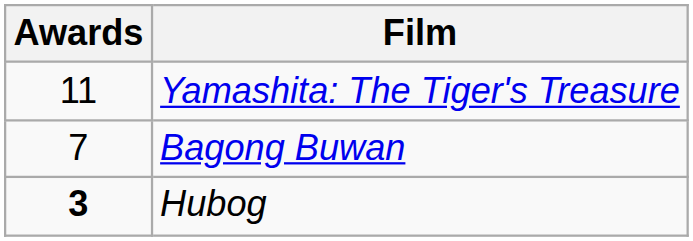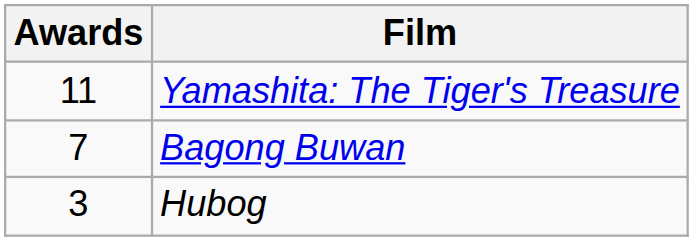 <table class="wikitable" style="text-align:center">
 <tr>
 <th scope="col">Awards</th>
 <th scope="col">Film</th>
 </tr>
 <tr>
 <td>11</td>
 <td align=left><em><a href='#'>Yamashita: The Tiger's Treasure</a></em></td>
 </tr>
 <tr>
 <td>7</td>
 <td align=left><em><a href='#'>Bagong Buwan</a></em></td>
 </tr>
 <tr>
-<td><strong>3</strong></td>
+<td>3</td>
 <td align=left><em>Hubog</em></td>
 </tr>
 </table>
